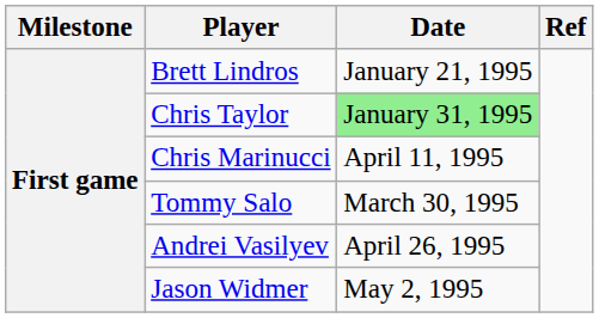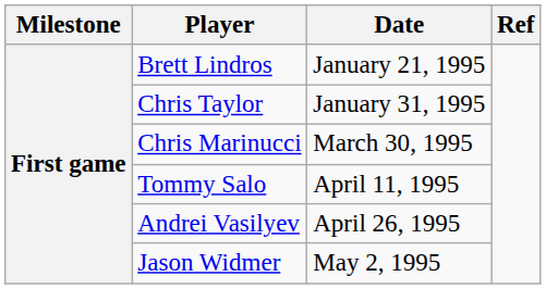 <table class="wikitable">
 <tr>
 <th scope="col">Milestone</th>
 <th scope="col">Player</th>
 <th scope="col">Date</th>
 <th scope="col">Ref</th>
 </tr>
 <tr>
 <th rowspan=6>First game</th>
 <td><a href='#'>Brett Lindros</a></td>
 <td>January 21, 1995</td>
 <td rowspan=6></td>
 </tr>
 <tr>
 <td><a href='#'>Chris Taylor</a></td>
-<td style="background: lightgreen;">January 31, 1995</td>
+<td>January 31, 1995</td>
 </tr>
 <tr>
 <td><a href='#'>Chris Marinucci</a></td>
-<td>April 11, 1995</td>
+<td>March 30, 1995</td>
 </tr>
 <tr>
 <td><a href='#'>Tommy Salo</a></td>
-<td>March 30, 1995</td>
+<td>April 11, 1995</td>
 </tr>
 <tr>
 <td><a href='#'>Andrei Vasilyev</a></td>
 <td>April 26, 1995</td>
 </tr>
 <tr>
 <td><a href='#'>Jason Widmer</a></td>
 <td>May 2, 1995</td>
 </tr>
 </table>
